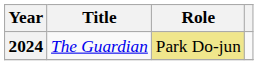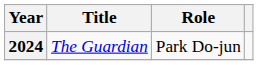 <table class="wikitable sortable plainrowheaders">
 <tr>
 <th scope="col">Year</th>
 <th scope="col">Title</th>
 <th scope="col">Role</th>
 <th scope="col" class="unsortable"></th>
 </tr>
 <tr>
 <th scope="row">2024</th>
 <td><em><a href='#'>The Guardian</a></em></td>
-<td style="background: khaki;">Park Do-jun</td>
+<td>Park Do-jun</td>
 <td style="text-align:center"></td>
 </tr>
 <tr>
 </tr>
 </table>
